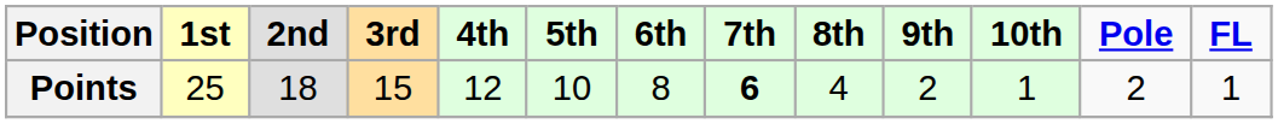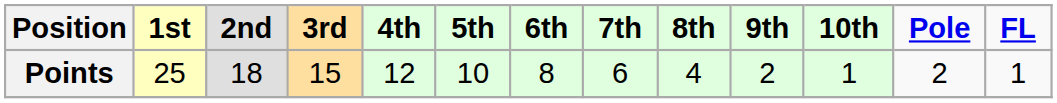 <table class="wikitable" style="font-size:85%; text-align:center">
 <tr>
 <th>Position</th>
 <td style="background:#ffffbf;"> <strong>1st</strong> </td>
 <td style="background:#dfdfdf;"> <strong>2nd</strong> </td>
 <td style="background:#ffdf9f;"> <strong>3rd</strong> </td>
 <td style="background:#dfffdf;"> <strong>4th</strong> </td>
 <td style="background:#dfffdf;"> <strong>5th</strong> </td>
 <td style="background:#dfffdf;"> <strong>6th</strong> </td>
 <td style="background:#dfffdf;"> <strong>7th</strong> </td>
 <td style="background:#dfffdf;"> <strong>8th</strong> </td>
 <td style="background:#dfffdf;"> <strong>9th</strong> </td>
 <td style="background:#dfffdf;"> <strong>10th</strong> </td>
 <td> <strong><a href='#'>Pole</a></strong> </td>
 <td> <strong><a href='#'>FL</a></strong> </td>
 </tr>
 <tr>
 <th>Points</th>
 <td style="background:#ffffbf;">25</td>
 <td style="background:#dfdfdf;">18</td>
 <td style="background:#ffdf9f;">15</td>
 <td style="background:#dfffdf;">12</td>
 <td style="background:#dfffdf;">10</td>
 <td style="background:#dfffdf;">8</td>
-<td style="background:#dfffdf;"><strong>6</strong></td>
+<td style="background:#dfffdf;">6</td>
 <td style="background:#dfffdf;">4</td>
 <td style="background:#dfffdf;">2</td>
 <td style="background:#dfffdf;">1</td>
 <td>2</td>
 <td>1</td>
 </tr>
 <tr>
 </tr>
 </table>
